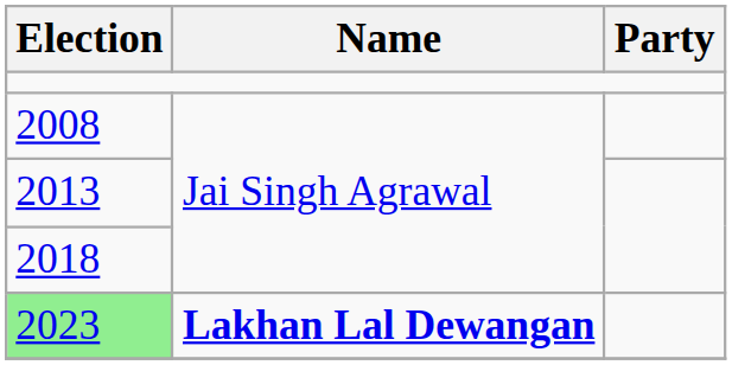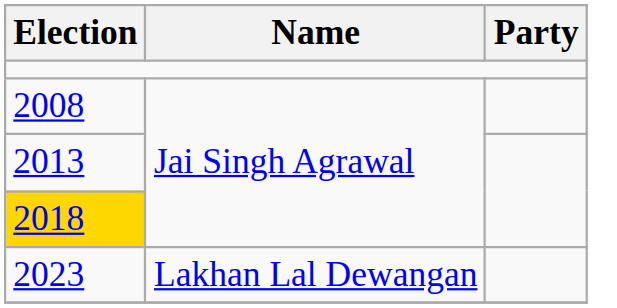 <table class="wikitable sortable">
 <tr>
 <th>Election</th>
 <th>Name</th>
 <th colspan=2>Party</th>
 </tr>
 <tr>
 <td colspan=4></td>
 </tr>
 <tr>
 <td><a href='#'>2008</a></td>
 <td rowspan="3"><a href='#'>Jai Singh Agrawal</a></td>
 <td></td>
 </tr>
 <tr>
 <td><a href='#'>2013</a></td>
 </tr>
 <tr>
-<td><a href='#'>2018</a></td>
+<td style="background: gold;"><a href='#'>2018</a></td>
 </tr>
 <tr>
-<td style="background: lightgreen;"><a href='#'>2023</a></td>
-<td><strong><a href='#'>Lakhan Lal Dewangan</a></strong></td>
+<td><a href='#'>2023</a></td>
+<td><a href='#'>Lakhan Lal Dewangan</a></td>
 <td></td>
 </tr>
 <tr>
 </tr>
 </table>
